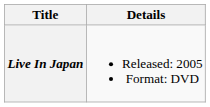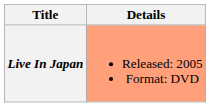 <table class="wikitable plainrowheaders" style="text-align:center;" border="1">
 <tr>
 <th>Title</th>
 <th>Details</th>
 </tr>
 <tr>
 <th scope="row"><em>Live In Japan</em></th>
-<td><br><ul><li>Released: 2005</li><li>Format: DVD</li></ul></td>
+<td style="background: lightsalmon;"><br><ul><li>Released: 2005</li><li>Format: DVD</li></ul></td>
 </tr>
 </table>
